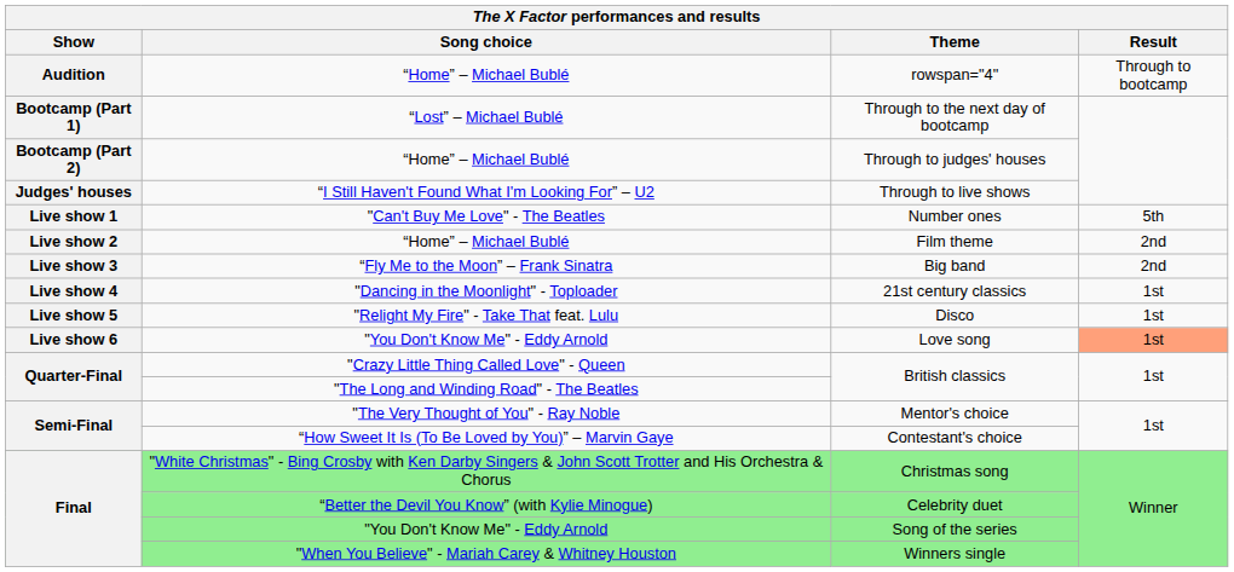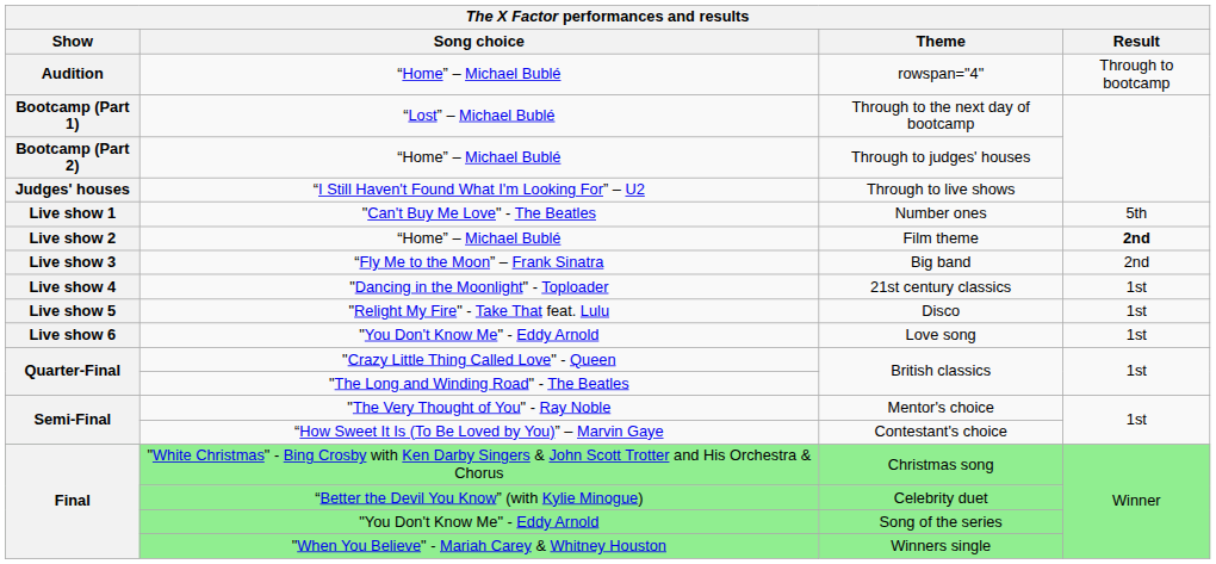 <table class="wikitable collapsible collapsed" style="margin:1em auto 1em auto; text-align:center;">
 <tr>
 <th colspan="4"><em>The X Factor</em> performances and results</th>
 </tr>
 <tr>
 <th style="text-align:centre;">Show</th>
 <th style="text-align:centre;">Song choice</th>
 <th style="text-align:centre;">Theme</th>
 <th style="text-align:centre;">Result</th>
 </tr>
 <tr>
 <th>Audition</th>
 <td>“<a href='#'>Home</a>” – <a href='#'>Michael Bublé</a></td>
 <td>rowspan="4" </td>
 <td>Through to bootcamp</td>
 </tr>
 <tr>
 <th>Bootcamp (Part 1)</th>
 <td>“<a href='#'>Lost</a>” – <a href='#'>Michael Bublé</a></td>
 <td>Through to the next day of bootcamp</td>
 </tr>
 <tr>
 <th>Bootcamp (Part 2)</th>
 <td>“Home” – <a href='#'>Michael Bublé</a></td>
 <td>Through to judges' houses</td>
 </tr>
 <tr>
 <th>Judges' houses</th>
 <td>“<a href='#'>I Still Haven't Found What I'm Looking For</a>” – <a href='#'>U2</a></td>
 <td>Through to live shows</td>
 </tr>
 <tr>
 <th>Live show 1</th>
 <td>"<a href='#'>Can't Buy Me Love</a>" - <a href='#'>The Beatles</a></td>
 <td>Number ones</td>
 <td>5th</td>
 </tr>
 <tr>
 <th>Live show 2</th>
 <td>“Home” – <a href='#'>Michael Bublé</a></td>
 <td>Film theme</td>
-<td>2nd</td>
+<td><strong>2nd</strong></td>
 </tr>
 <tr>
 <th>Live show 3</th>
 <td>“<a href='#'>Fly Me to the Moon</a>” – <a href='#'>Frank Sinatra</a></td>
 <td>Big band</td>
 <td>2nd</td>
 </tr>
 <tr>
 <th>Live show 4</th>
 <td>"<a href='#'>Dancing in the Moonlight</a>" - <a href='#'>Toploader</a></td>
 <td>21st century classics</td>
 <td>1st</td>
 </tr>
 <tr>
 <th>Live show 5</th>
 <td>"<a href='#'>Relight My Fire</a>" - <a href='#'>Take That</a> feat. <a href='#'>Lulu</a></td>
 <td>Disco</td>
 <td>1st</td>
 </tr>
 <tr>
 <th>Live show 6</th>
 <td>"<a href='#'>You Don't Know Me</a>" - <a href='#'>Eddy Arnold</a></td>
 <td>Love song</td>
-<td style="background: lightsalmon;">1st</td>
+<td>1st</td>
 </tr>
 <tr>
 <th rowspan="2">Quarter-Final</th>
 <td>"<a href='#'>Crazy Little Thing Called Love</a>" - <a href='#'>Queen</a></td>
 <td rowspan="2">British classics</td>
 <td rowspan="2">1st</td>
 </tr>
 <tr>
 <td>"<a href='#'>The Long and Winding Road</a>" - <a href='#'>The Beatles</a></td>
 </tr>
 <tr>
 <th rowspan="2">Semi-Final</th>
 <td>"<a href='#'>The Very Thought of You</a>" - <a href='#'>Ray Noble</a></td>
 <td>Mentor's choice</td>
 <td rowspan="2">1st</td>
 </tr>
 <tr>
 <td>“<a href='#'>How Sweet It Is (To Be Loved by You)</a>” – <a href='#'>Marvin Gaye</a></td>
 <td>Contestant's choice</td>
 </tr>
 <tr style="background:lightgreen;">
 <th rowspan="4">Final</th>
 <td>"<a href='#'>White Christmas</a>" - <a href='#'>Bing Crosby</a> with <a href='#'>Ken Darby Singers</a> & <a href='#'>John Scott Trotter</a> and His Orchestra & Chorus</td>
 <td>Christmas song</td>
 <td rowspan="4">Winner</td>
 </tr>
 <tr style="background:lightgreen;">
 <td>“<a href='#'>Better the Devil You Know</a>” (with <a href='#'>Kylie Minogue</a>)</td>
 <td>Celebrity duet</td>
 </tr>
 <tr style="background:lightgreen;">
 <td>"You Don't Know Me" - <a href='#'>Eddy Arnold</a></td>
 <td>Song of the series</td>
 </tr>
 <tr style="background:lightgreen;">
 <td>"<a href='#'>When You Believe</a>" - <a href='#'>Mariah Carey</a> & <a href='#'>Whitney Houston</a></td>
 <td>Winners single</td>
 </tr>
 </table>
